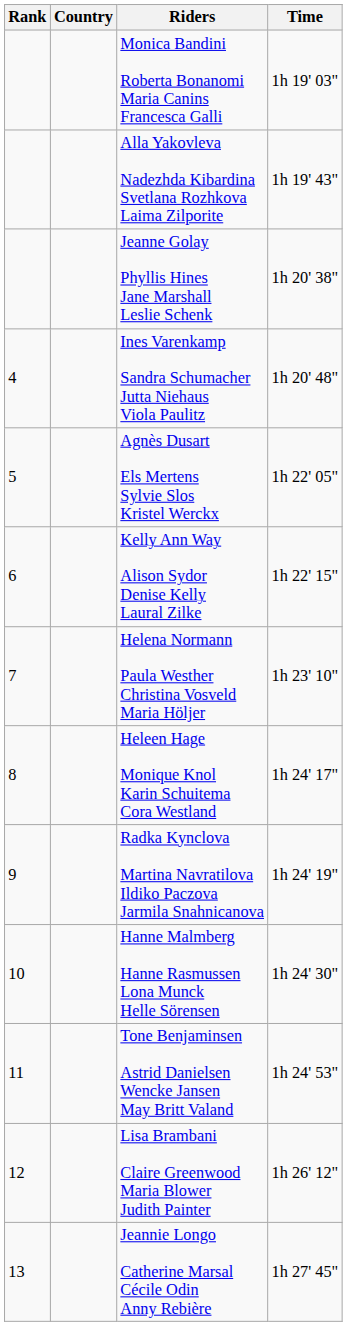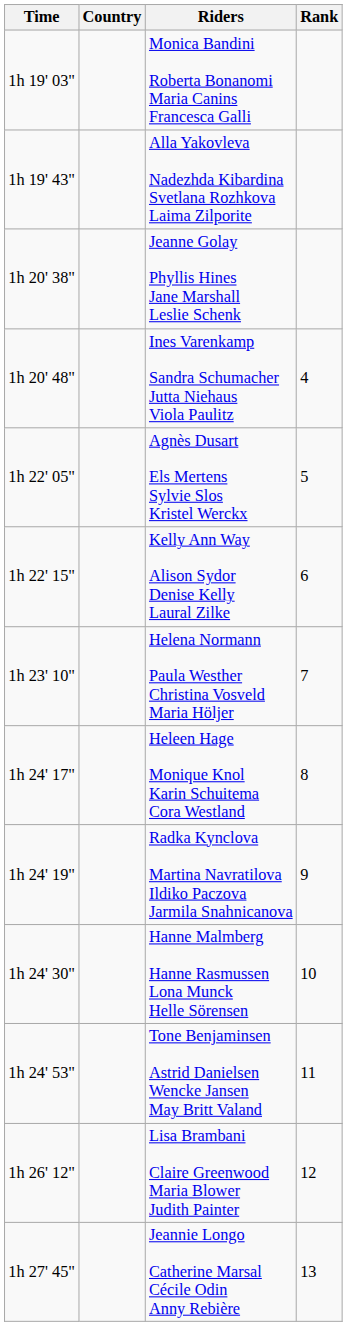 <table class="wikitable" text-align:center;">
 <tr>
-<th>Rank</th>
+<th>Time</th>
 <th>Country</th>
 <th>Riders</th>
-<th>Time</th>
+<th>Rank</th>
 </tr>
 <tr>
-<td></td>
+<td>1h 19' 03"</td>
 <td align="left"><strong></strong></td>
 <td><a href='#'>Monica Bandini</a><br><br><a href='#'>Roberta Bonanomi</a><br> <a href='#'>Maria Canins</a><br> <a href='#'>Francesca Galli</a></td>
-<td>1h 19' 03"</td>
+<td></td>
 </tr>
 <tr>
-<td></td>
+<td>1h 19' 43"</td>
 <td align="left"><strong></strong></td>
 <td><a href='#'>Alla Yakovleva</a><br><br><a href='#'>Nadezhda Kibardina</a><br> <a href='#'>Svetlana Rozhkova</a><br> <a href='#'>Laima Zilporite</a></td>
-<td>1h 19' 43"</td>
+<td></td>
 </tr>
 <tr>
-<td></td>
+<td>1h 20' 38"</td>
 <td align="left"><strong></strong></td>
 <td><a href='#'>Jeanne Golay</a><br><br><a href='#'>Phyllis Hines</a><br> <a href='#'>Jane Marshall</a><br> <a href='#'>Leslie Schenk</a></td>
-<td>1h 20' 38"</td>
+<td></td>
 </tr>
 <tr>
-<td>4</td>
+<td>1h 20' 48"</td>
 <td align="left"><strong></strong></td>
 <td><a href='#'>Ines Varenkamp</a><br><br><a href='#'>Sandra Schumacher</a><br> <a href='#'>Jutta Niehaus</a><br> <a href='#'>Viola Paulitz</a></td>
-<td>1h 20' 48"</td>
+<td>4</td>
 </tr>
 <tr>
-<td>5</td>
+<td>1h 22' 05"</td>
 <td align="left"><strong></strong></td>
 <td><a href='#'>Agnès Dusart</a><br><br><a href='#'>Els Mertens</a><br> <a href='#'>Sylvie Slos</a><br> <a href='#'>Kristel Werckx</a></td>
-<td>1h 22' 05"</td>
+<td>5</td>
 </tr>
 <tr>
-<td>6</td>
+<td>1h 22' 15"</td>
 <td align="left"><strong></strong></td>
 <td><a href='#'>Kelly Ann Way</a><br><br><a href='#'>Alison Sydor</a><br> <a href='#'>Denise Kelly</a><br> <a href='#'>Laural Zilke</a></td>
-<td>1h 22' 15"</td>
+<td>6</td>
 </tr>
 <tr>
-<td>7</td>
+<td>1h 23' 10"</td>
 <td align="left"><strong></strong></td>
 <td><a href='#'>Helena Normann</a><br><br><a href='#'>Paula Westher</a><br> <a href='#'>Christina Vosveld</a><br> <a href='#'>Maria Höljer</a></td>
-<td>1h 23' 10"</td>
+<td>7</td>
 </tr>
 <tr>
-<td>8</td>
+<td>1h 24' 17"</td>
 <td align="left"><strong></strong></td>
 <td><a href='#'>Heleen Hage</a><br><br><a href='#'>Monique Knol</a><br> <a href='#'>Karin Schuitema</a><br> <a href='#'>Cora Westland</a></td>
-<td>1h 24' 17"</td>
+<td>8</td>
 </tr>
 <tr>
-<td>9</td>
+<td>1h 24' 19"</td>
 <td align="left"><strong></strong></td>
 <td><a href='#'>Radka Kynclova</a><br><br><a href='#'>Martina Navratilova</a><br> <a href='#'>Ildiko Paczova</a><br> <a href='#'>Jarmila Snahnicanova</a></td>
-<td>1h 24' 19"</td>
+<td>9</td>
 </tr>
 <tr>
-<td>10</td>
+<td>1h 24' 30"</td>
 <td align="left"><strong></strong></td>
 <td><a href='#'>Hanne Malmberg</a><br><br><a href='#'>Hanne Rasmussen</a><br> <a href='#'>Lona Munck</a><br> <a href='#'>Helle Sörensen</a></td>
-<td>1h 24' 30"</td>
+<td>10</td>
 </tr>
 <tr>
-<td>11</td>
+<td>1h 24' 53"</td>
 <td align="left"><strong></strong></td>
 <td><a href='#'>Tone Benjaminsen</a><br><br><a href='#'>Astrid Danielsen</a><br> <a href='#'>Wencke Jansen</a><br> <a href='#'>May Britt Valand</a></td>
-<td>1h 24' 53"</td>
+<td>11</td>
 </tr>
 <tr>
-<td>12</td>
+<td>1h 26' 12"</td>
 <td align="left"><strong></strong></td>
 <td><a href='#'>Lisa Brambani</a><br><br><a href='#'>Claire Greenwood</a><br> <a href='#'>Maria Blower</a><br> <a href='#'>Judith Painter</a></td>
-<td>1h 26' 12"</td>
+<td>12</td>
 </tr>
 <tr>
-<td>13</td>
+<td>1h 27' 45"</td>
 <td align="left"><strong></strong></td>
 <td><a href='#'>Jeannie Longo</a><br><br><a href='#'>Catherine Marsal</a><br> <a href='#'>Cécile Odin</a><br> <a href='#'>Anny Rebière</a></td>
-<td>1h 27' 45"</td>
+<td>13</td>
 </tr>
 </table>
